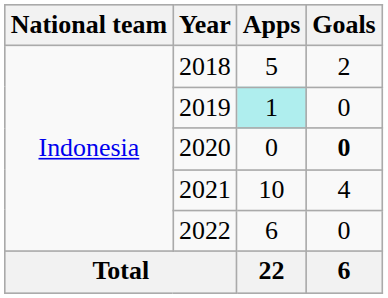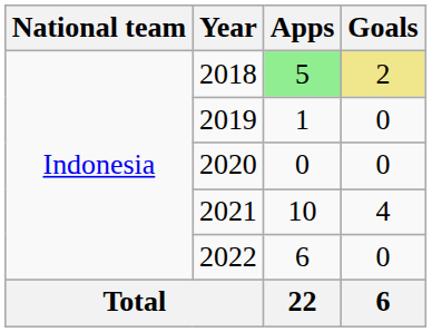 <table class="wikitable" style="text-align:center">
 <tr>
 <th>National team</th>
 <th>Year</th>
 <th>Apps</th>
 <th>Goals</th>
 </tr>
 <tr>
 <td rowspan=5><a href='#'>Indonesia</a></td>
 <td>2018</td>
-<td>5</td>
-<td>2</td>
+<td style="background: lightgreen;">5</td>
+<td style="background: khaki;">2</td>
 </tr>
 <tr>
 <td>2019</td>
-<td style="background: paleturquoise;">1</td>
+<td>1</td>
 <td>0</td>
 </tr>
 <tr>
 <td>2020</td>
 <td>0</td>
-<td><strong>0</strong></td>
+<td>0</td>
 </tr>
 <tr>
 <td>2021</td>
 <td>10</td>
 <td>4</td>
 </tr>
 <tr>
 <td>2022</td>
 <td>6</td>
 <td>0</td>
 </tr>
 <tr>
 <th colspan=2>Total</th>
 <th>22</th>
 <th>6</th>
 </tr>
 </table>
